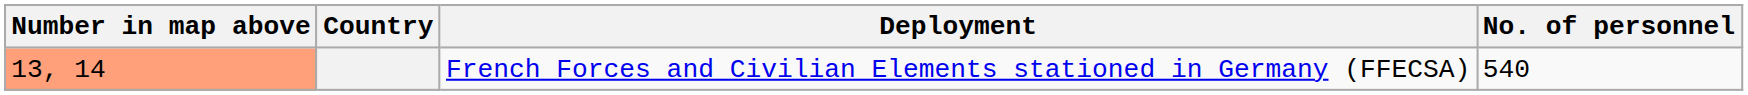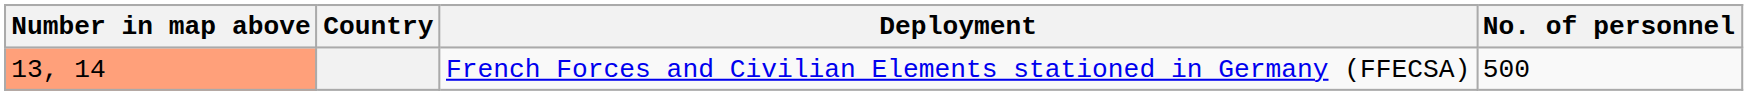 <table class="wikitable">
 <tr>
 <th>Number in map above</th>
 <th>Country</th>
 <th>Deployment</th>
 <th>No. of personnel</th>
 </tr>
 <tr>
 <td style="background: lightsalmon;">13, 14</td>
 <th></th>
 <td><a href='#'>French Forces and Civilian Elements stationed in Germany</a> (FFECSA)</td>
-<td>540</td>
+<td>500</td>
 </tr>
 </table>
